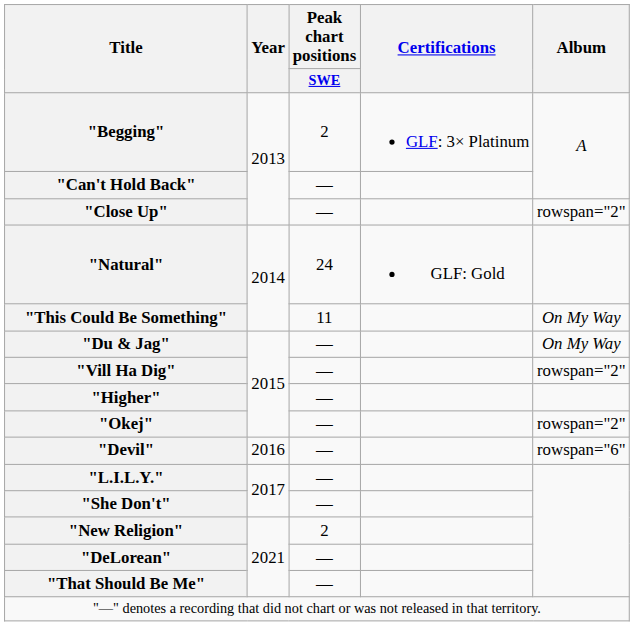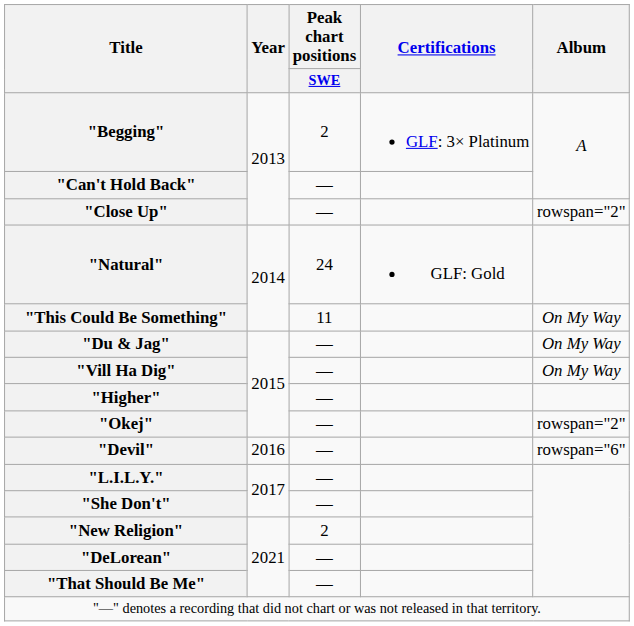 <table class="wikitable plainrowheaders" style="text-align:center;">
 <tr>
 <th scope="col" rowspan="2" style="width:14em;">Title</th>
 <th scope="col" rowspan="2" style="width:1em;">Year</th>
 <th scope="col" colspan="1">Peak chart positions</th>
 <th scope="col" rowspan="2"><a href='#'>Certifications</a></th>
 <th scope="col" rowspan="2">Album</th>
 </tr>
 <tr>
 <th scope="col" style="width:3em;font-size:85%;"><a href='#'>SWE</a><br></th>
 </tr>
 <tr>
 <th scope="row">"Begging"</th>
 <td rowspan="3">2013</td>
 <td>2</td>
 <td><br><ul><li><a href='#'>GLF</a>: 3× Platinum</li></ul></td>
 <td rowspan="2"><em>A</em></td>
 </tr>
 <tr>
 <th scope="row">"Can't Hold Back"</th>
 <td>—</td>
 <td></td>
 </tr>
 <tr>
 <th scope="row">"Close Up"</th>
 <td>—</td>
 <td></td>
 <td>rowspan="2" </td>
 </tr>
 <tr>
 <th scope="row">"Natural"</th>
 <td rowspan="2">2014</td>
 <td>24</td>
 <td><br><ul><li>GLF: Gold</li></ul></td>
 </tr>
 <tr>
 <th scope="row">"This Could Be Something"<br></th>
 <td>11</td>
 <td></td>
 <td><em>On My Way</em></td>
 </tr>
 <tr>
 <th scope="row">"Du & Jag"</th>
 <td rowspan="4">2015</td>
 <td>—</td>
 <td></td>
 <td><em>On My Way</em></td>
 </tr>
 <tr>
 <th scope="row">"Vill Ha Dig"</th>
 <td>—</td>
 <td></td>
-<td>rowspan="2" </td>
+<td><em>On My Way</em></td>
 </tr>
 <tr>
 <th scope="row">"Higher"<br></th>
 <td>—</td>
 <td></td>
 </tr>
 <tr>
 <th scope="row">"Okej"</th>
 <td>—</td>
 <td></td>
 <td>rowspan="2" </td>
 </tr>
 <tr>
 <th scope="row">"Devil"</th>
 <td>2016</td>
 <td>—</td>
 <td></td>
 <td>rowspan="6" </td>
 </tr>
 <tr>
 <th scope="row">"L.I.L.Y."</th>
 <td rowspan="2">2017</td>
 <td>—</td>
 <td></td>
 </tr>
 <tr>
 <th scope="row">"She Don't"</th>
 <td>—</td>
 <td></td>
 </tr>
 <tr>
 <th scope="row">"New Religion"</th>
 <td rowspan="3">2021</td>
 <td>2</td>
 <td></td>
 </tr>
 <tr>
 <th scope="row">"DeLorean"</th>
 <td>—</td>
 <td></td>
 </tr>
 <tr>
 <th scope="row">"That Should Be Me"</th>
 <td>—</td>
 <td></td>
 </tr>
 <tr>
 <td colspan="9" style="font-size:85%">"—" denotes a recording that did not chart or was not released in that territory.</td>
 </tr>
 </table>
